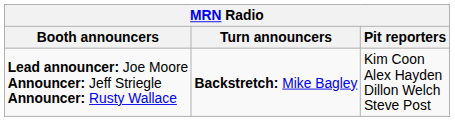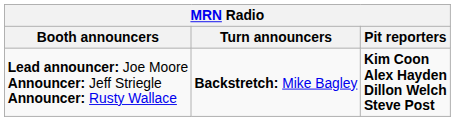 <table class="wikitable" style="font-size: 95%">
 <tr>
 <th colspan="3"><a href='#'>MRN</a> Radio</th>
 </tr>
 <tr>
 <th>Booth announcers</th>
 <th>Turn announcers</th>
 <th>Pit reporters</th>
 </tr>
 <tr>
 <td><strong>Lead announcer:</strong> Joe Moore<br><strong>Announcer:</strong> Jeff Striegle<br><strong>Announcer:</strong> <a href='#'>Rusty Wallace</a></td>
 <td><strong>Backstretch:</strong> <a href='#'>Mike Bagley</a></td>
-<td>Kim Coon<br>Alex Hayden<br>Dillon Welch<br>Steve Post</td>
+<td><strong>Kim Coon<br>Alex Hayden<br>Dillon Welch<br>Steve Post</strong></td>
 </tr>
 </table>
